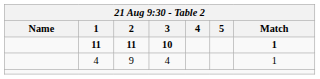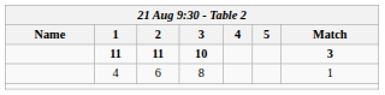 <table class=wikitable style="text-align:center; width: 55%">
 <tr>
 <th colspan=17><em>21 Aug 9:30 - Table 2</em></th>
 </tr>
 <tr>
 <th>Name</th>
 <th>1</th>
 <th>2</th>
 <th>3</th>
 <th>4</th>
 <th>5</th>
 <th>Match</th>
 </tr>
 <tr>
 <td style="text-align:left;"><strong></strong></td>
 <td><strong>11</strong></td>
 <td><strong>11</strong></td>
 <td><strong>10</strong></td>
 <td></td>
 <td></td>
-<td><strong>1</strong></td>
+<td><strong>3</strong></td>
 </tr>
 <tr>
 <td style="text-align:left;"></td>
 <td>4</td>
-<td>9</td>
-<td>4</td>
+<td>6</td>
+<td>8</td>
 <td></td>
 <td></td>
 <td>1</td>
 </tr>
 <tr>
 <td colspan=17></td>
 </tr>
 </table>
